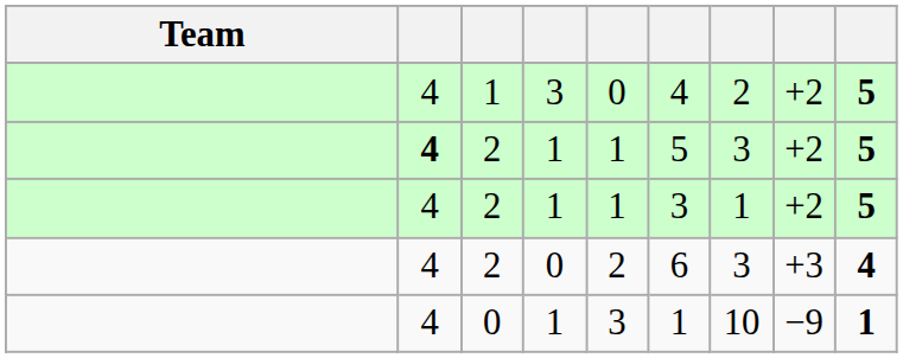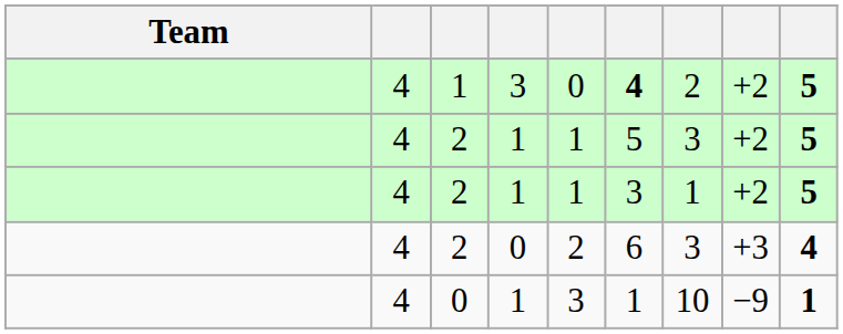 <table class="wikitable" style="text-align:center">
 <tr>
 <th width=165>Team</th>
 <th width=20></th>
 <th width=20></th>
 <th width=20></th>
 <th width=20></th>
 <th width=20></th>
 <th width=20></th>
 <th width=20></th>
 <th width=20></th>
 </tr>
 <tr align=center bgcolor=ccffcc>
 <td align=left></td>
 <td>4</td>
 <td>1</td>
 <td>3</td>
 <td>0</td>
-<td>4</td>
+<td><strong>4</strong></td>
 <td>2</td>
 <td>+2</td>
 <td><strong>5</strong></td>
 </tr>
 <tr align=center bgcolor=ccffcc>
 <td align=left></td>
-<td><strong>4</strong></td>
+<td>4</td>
 <td>2</td>
 <td>1</td>
 <td>1</td>
 <td>5</td>
 <td>3</td>
 <td>+2</td>
 <td><strong>5</strong></td>
 </tr>
 <tr align=center bgcolor=ccffcc>
 <td align=left></td>
 <td>4</td>
 <td>2</td>
 <td>1</td>
 <td>1</td>
 <td>3</td>
 <td>1</td>
 <td>+2</td>
 <td><strong>5</strong></td>
 </tr>
 <tr align=center>
 <td align=left></td>
 <td>4</td>
 <td>2</td>
 <td>0</td>
 <td>2</td>
 <td>6</td>
 <td>3</td>
 <td>+3</td>
 <td><strong>4</strong></td>
 </tr>
 <tr align=center>
 <td align=left></td>
 <td>4</td>
 <td>0</td>
 <td>1</td>
 <td>3</td>
 <td>1</td>
 <td>10</td>
 <td>−9</td>
 <td><strong>1</strong></td>
 </tr>
 </table>
